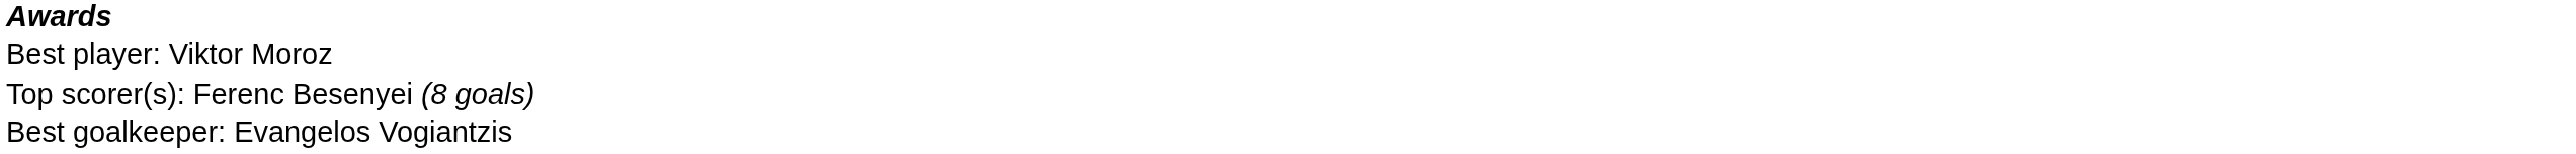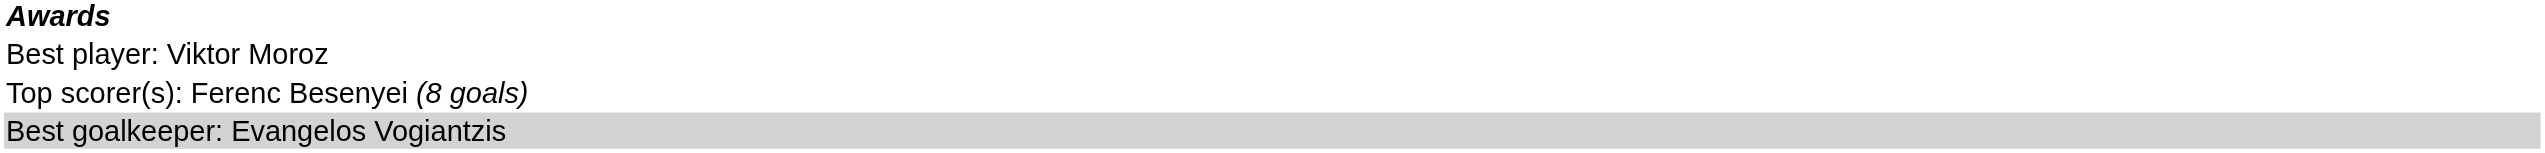 <table width=100% cellspacing=1 style="font-size: 90%;">
 <tr>
 <td><strong><em>Awards</em></strong></td>
 </tr>
 <tr>
 <td>Best player:  Viktor Moroz</td>
 </tr>
 <tr>
 <td colspan=4>Top scorer(s):  Ferenc Besenyei <em>(8 goals)</em></td>
 </tr>
 <tr>
-<td>Best goalkeeper:  Evangelos Vogiantzis</td>
+<td style="background: lightgrey;">Best goalkeeper:  Evangelos Vogiantzis</td>
 </tr>
 </table>
